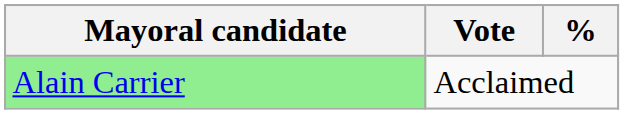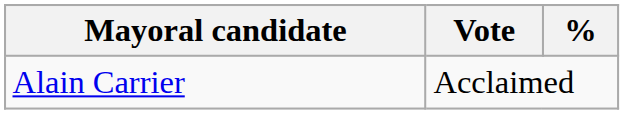 <table class="wikitable">
 <tr>
 <th bgcolor="#DDDDFF" width="200px">Mayoral candidate</th>
 <th bgcolor="#DDDDFF" width="50px">Vote</th>
 <th bgcolor="#DDDDFF"  width="30px">%</th>
 </tr>
 <tr>
-<td style="background: lightgreen;"><a href='#'>Alain Carrier</a></td>
+<td><a href='#'>Alain Carrier</a></td>
 <td colspan="2">Acclaimed</td>
 </tr>
 </table>
